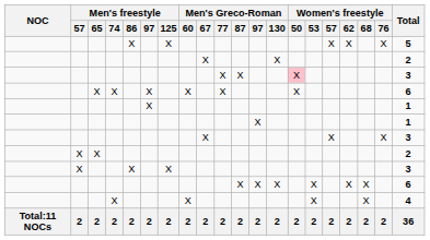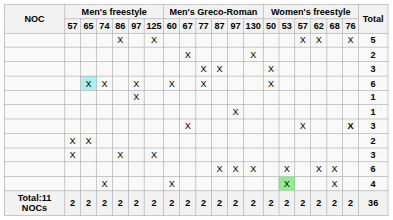 <table class="wikitable" style="text-align:center; font-size:90%">
 <tr>
 <th rowspan="2" width=180 style="text-align:center;">NOC</th>
 <th colspan="6">Men's freestyle</th>
 <th colspan="6">Men's Greco-Roman</th>
 <th colspan=6>Women's freestyle</th>
 <th ! width=55 rowspan="2">Total</th>
 </tr>
 <tr>
 <th width="25">57</th>
 <th width="25">65</th>
 <th width="25">74</th>
 <th width="25">86</th>
 <th width="25">97</th>
 <th width="25">125</th>
 <th width="25">60</th>
 <th width="25">67</th>
 <th width="25">77</th>
 <th width="25">87</th>
 <th width="25">97</th>
 <th width="25">130</th>
 <th width="25">50</th>
 <th width="25">53</th>
 <th width="25">57</th>
 <th width="25">62</th>
 <th width="25">68</th>
 <th width="25">76</th>
 </tr>
 <tr>
 <td align="left"></td>
 <td></td>
 <td></td>
 <td></td>
 <td>X</td>
 <td></td>
 <td>X</td>
 <td></td>
 <td></td>
 <td></td>
 <td></td>
 <td></td>
 <td></td>
 <td></td>
 <td></td>
 <td>X</td>
 <td>X</td>
 <td></td>
 <td>X</td>
 <td><strong>5</strong></td>
 </tr>
 <tr>
 <td align="left"></td>
 <td></td>
 <td></td>
 <td></td>
 <td></td>
 <td></td>
 <td></td>
 <td></td>
 <td>X</td>
 <td></td>
 <td></td>
 <td></td>
 <td>X</td>
 <td></td>
 <td></td>
 <td></td>
 <td></td>
 <td></td>
 <td></td>
 <td><strong>2</strong></td>
 </tr>
 <tr>
 <td align="left"></td>
 <td></td>
 <td></td>
 <td></td>
 <td></td>
 <td></td>
 <td></td>
 <td></td>
 <td></td>
 <td>X</td>
 <td>X</td>
 <td></td>
 <td></td>
-<td style="background: pink;">X</td>
+<td>X</td>
 <td></td>
 <td></td>
 <td></td>
 <td></td>
 <td></td>
 <td><strong>3</strong></td>
 </tr>
 <tr>
 <td align="left"></td>
 <td></td>
-<td>X</td>
+<td style="background: paleturquoise;">X</td>
 <td>X</td>
 <td></td>
 <td>X</td>
 <td></td>
 <td>X</td>
 <td></td>
 <td>X</td>
 <td></td>
 <td></td>
 <td></td>
 <td>X</td>
 <td></td>
 <td></td>
 <td></td>
 <td></td>
 <td></td>
 <td><strong>6</strong></td>
 </tr>
 <tr>
 <td align="left"></td>
 <td></td>
 <td></td>
 <td></td>
 <td></td>
 <td>X</td>
 <td></td>
 <td></td>
 <td></td>
 <td></td>
 <td></td>
 <td></td>
 <td></td>
 <td></td>
 <td></td>
 <td></td>
 <td></td>
 <td></td>
 <td></td>
 <td><strong>1</strong></td>
 </tr>
 <tr>
 <td align="left"></td>
 <td></td>
 <td></td>
 <td></td>
 <td></td>
 <td></td>
 <td></td>
 <td></td>
 <td></td>
 <td></td>
 <td></td>
 <td>X</td>
 <td></td>
 <td></td>
 <td></td>
 <td></td>
 <td></td>
 <td></td>
 <td></td>
 <td><strong>1</strong></td>
 </tr>
 <tr>
 <td align="left"></td>
 <td></td>
 <td></td>
 <td></td>
 <td></td>
 <td></td>
 <td></td>
 <td></td>
 <td>X</td>
 <td></td>
 <td></td>
 <td></td>
 <td></td>
 <td></td>
 <td></td>
 <td>X</td>
 <td></td>
 <td></td>
-<td>X</td>
+<td><strong>X</strong></td>
 <td><strong>3</strong></td>
 </tr>
 <tr>
 <td align="left"></td>
 <td>X</td>
 <td>X</td>
 <td></td>
 <td></td>
 <td></td>
 <td></td>
 <td></td>
 <td></td>
 <td></td>
 <td></td>
 <td></td>
 <td></td>
 <td></td>
 <td></td>
 <td></td>
 <td></td>
 <td></td>
 <td></td>
 <td><strong>2</strong></td>
 </tr>
 <tr>
 <td align="left"></td>
 <td>X</td>
 <td></td>
 <td></td>
 <td>X</td>
 <td></td>
 <td>X</td>
 <td></td>
 <td></td>
 <td></td>
 <td></td>
 <td></td>
 <td></td>
 <td></td>
 <td></td>
 <td></td>
 <td></td>
 <td></td>
 <td></td>
 <td><strong>3</strong></td>
 </tr>
 <tr>
 <td align="left"></td>
 <td></td>
 <td></td>
 <td></td>
 <td></td>
 <td></td>
 <td></td>
 <td></td>
 <td></td>
 <td></td>
 <td>X</td>
 <td>X</td>
 <td>X</td>
 <td></td>
 <td>X</td>
 <td></td>
 <td>X</td>
 <td>X</td>
 <td></td>
 <td><strong>6</strong></td>
 </tr>
 <tr>
 <td align="left"></td>
 <td></td>
 <td></td>
 <td>X</td>
 <td></td>
 <td></td>
 <td></td>
 <td>X</td>
 <td></td>
 <td></td>
 <td></td>
 <td></td>
 <td></td>
 <td></td>
-<td>X</td>
+<td style="background: lightgreen;">X</td>
 <td></td>
 <td></td>
 <td>X</td>
 <td></td>
 <td><strong>4</strong></td>
 </tr>
 <tr>
 <th>Total:11 NOCs</th>
 <th>2</th>
 <th>2</th>
 <th>2</th>
 <th>2</th>
 <th>2</th>
 <th>2</th>
 <th>2</th>
 <th>2</th>
 <th>2</th>
 <th>2</th>
 <th>2</th>
 <th>2</th>
 <th>2</th>
 <th>2</th>
 <th>2</th>
 <th>2</th>
 <th>2</th>
 <th>2</th>
 <th>36</th>
 </tr>
 </table>
